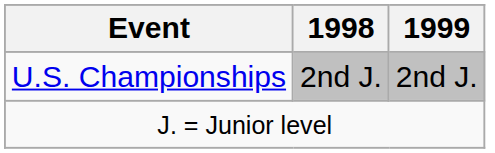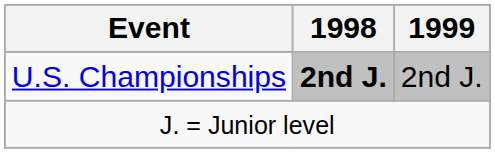 <table class="wikitable" style="text-align:center">
 <tr>
 <th>Event</th>
 <th>1998</th>
 <th>1999</th>
 </tr>
 <tr>
 <td align=left><a href='#'>U.S. Championships</a></td>
-<td bgcolor=silver>2nd J.</td>
+<td bgcolor=silver><strong>2nd J.</strong></td>
 <td bgcolor=silver>2nd J.</td>
 </tr>
 <tr>
 <td colspan=3 align=center><small> J. = Junior level </small></td>
 </tr>
 </table>
